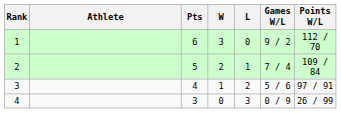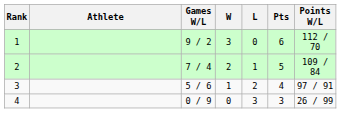 <table class="wikitable" style="text-align: center; font-size:90% ">
 <tr>
 <th width="20">Rank</th>
 <th width="200">Athlete</th>
-<th width="30">Pts</th>
+<th width="40">Games<br>W/L</th>
 <th width="30">W</th>
 <th width="30">L</th>
-<th width="40">Games<br>W/L</th>
+<th width="30">Pts</th>
 <th width="50">Points<br>W/L</th>
 </tr>
 <tr bgcolor=#ccffcc>
 <td>1</td>
 <td align=left></td>
-<td>6</td>
+<td>9 / 2</td>
 <td>3</td>
 <td>0</td>
-<td>9 / 2</td>
+<td>6</td>
 <td>112 / 70</td>
 </tr>
 <tr bgcolor=#ccffcc>
 <td>2</td>
 <td align=left></td>
-<td>5</td>
+<td>7 / 4</td>
 <td>2</td>
 <td>1</td>
-<td>7 / 4</td>
+<td>5</td>
 <td>109 / 84</td>
 </tr>
 <tr>
 <td>3</td>
 <td align=left></td>
-<td>4</td>
+<td>5 / 6</td>
 <td>1</td>
 <td>2</td>
-<td>5 / 6</td>
+<td>4</td>
 <td>97 / 91</td>
 </tr>
 <tr>
 <td>4</td>
 <td align=left></td>
-<td>3</td>
+<td>0 / 9</td>
 <td>0</td>
 <td>3</td>
-<td>0 / 9</td>
+<td>3</td>
 <td>26 / 99</td>
 </tr>
 </table>
